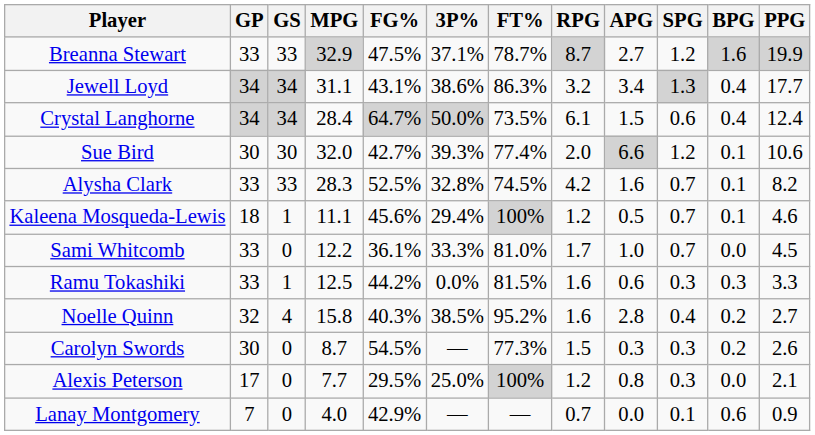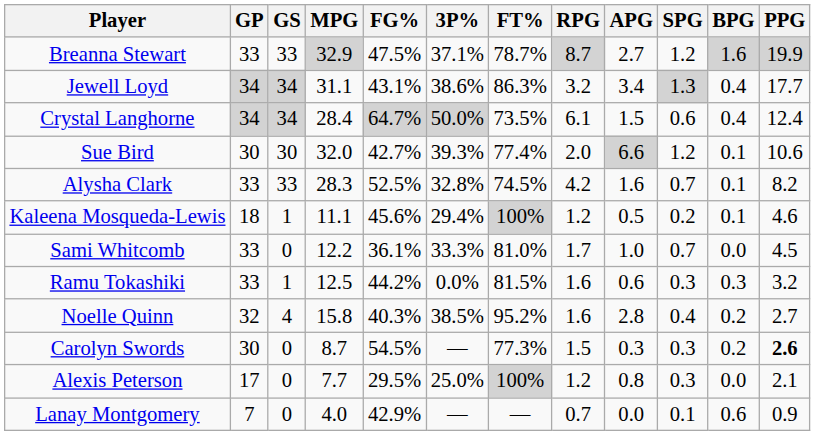 <table class="wikitable sortable" style="text-align:center;">
 <tr>
 <th>Player</th>
 <th>GP</th>
 <th>GS</th>
 <th>MPG</th>
 <th>FG%</th>
 <th>3P%</th>
 <th>FT%</th>
 <th>RPG</th>
 <th>APG</th>
 <th>SPG</th>
 <th>BPG</th>
 <th>PPG</th>
 </tr>
 <tr>
 <td><a href='#'>Breanna Stewart</a></td>
 <td>33</td>
 <td>33</td>
 <td style="background:#D3D3D3;">32.9</td>
 <td>47.5%</td>
 <td>37.1%</td>
 <td>78.7%</td>
 <td style="background:#D3D3D3;">8.7</td>
 <td>2.7</td>
 <td>1.2</td>
 <td style="background:#D3D3D3;">1.6</td>
 <td style="background:#D3D3D3;">19.9</td>
 </tr>
 <tr>
 <td><a href='#'>Jewell Loyd</a></td>
 <td style="background:#D3D3D3;">34</td>
 <td style="background:#D3D3D3;">34</td>
 <td>31.1</td>
 <td>43.1%</td>
 <td>38.6%</td>
 <td>86.3%</td>
 <td>3.2</td>
 <td>3.4</td>
 <td style="background:#D3D3D3;">1.3</td>
 <td>0.4</td>
 <td>17.7</td>
 </tr>
 <tr>
 <td><a href='#'>Crystal Langhorne</a></td>
 <td style="background:#D3D3D3;">34</td>
 <td style="background:#D3D3D3;">34</td>
 <td>28.4</td>
 <td style="background:#D3D3D3;">64.7%</td>
 <td style="background:#D3D3D3;">50.0%</td>
 <td>73.5%</td>
 <td>6.1</td>
 <td>1.5</td>
 <td>0.6</td>
 <td>0.4</td>
 <td>12.4</td>
 </tr>
 <tr>
 <td><a href='#'>Sue Bird</a></td>
 <td>30</td>
 <td>30</td>
 <td>32.0</td>
 <td>42.7%</td>
 <td>39.3%</td>
 <td>77.4%</td>
 <td>2.0</td>
 <td style="background:#D3D3D3;">6.6</td>
 <td>1.2</td>
 <td>0.1</td>
 <td>10.6</td>
 </tr>
 <tr>
 <td><a href='#'>Alysha Clark</a></td>
 <td>33</td>
 <td>33</td>
 <td>28.3</td>
 <td>52.5%</td>
 <td>32.8%</td>
 <td>74.5%</td>
 <td>4.2</td>
 <td>1.6</td>
 <td>0.7</td>
 <td>0.1</td>
 <td>8.2</td>
 </tr>
 <tr>
 <td><a href='#'>Kaleena Mosqueda-Lewis</a></td>
 <td>18</td>
 <td>1</td>
 <td>11.1</td>
 <td>45.6%</td>
 <td>29.4%</td>
 <td style="background:#D3D3D3;">100%</td>
 <td>1.2</td>
 <td>0.5</td>
-<td>0.7</td>
+<td>0.2</td>
 <td>0.1</td>
 <td>4.6</td>
 </tr>
 <tr>
 <td><a href='#'>Sami Whitcomb</a></td>
 <td>33</td>
 <td>0</td>
 <td>12.2</td>
 <td>36.1%</td>
 <td>33.3%</td>
 <td>81.0%</td>
 <td>1.7</td>
 <td>1.0</td>
 <td>0.7</td>
 <td>0.0</td>
 <td>4.5</td>
 </tr>
 <tr>
 <td><a href='#'>Ramu Tokashiki</a></td>
 <td>33</td>
 <td>1</td>
 <td>12.5</td>
 <td>44.2%</td>
 <td>0.0%</td>
 <td>81.5%</td>
 <td>1.6</td>
 <td>0.6</td>
 <td>0.3</td>
 <td>0.3</td>
-<td>3.3</td>
+<td>3.2</td>
 </tr>
 <tr>
 <td><a href='#'>Noelle Quinn</a></td>
 <td>32</td>
 <td>4</td>
 <td>15.8</td>
 <td>40.3%</td>
 <td>38.5%</td>
 <td>95.2%</td>
 <td>1.6</td>
 <td>2.8</td>
 <td>0.4</td>
 <td>0.2</td>
 <td>2.7</td>
 </tr>
 <tr>
 <td><a href='#'>Carolyn Swords</a></td>
 <td>30</td>
 <td>0</td>
 <td>8.7</td>
 <td>54.5%</td>
 <td>—</td>
 <td>77.3%</td>
 <td>1.5</td>
 <td>0.3</td>
 <td>0.3</td>
 <td>0.2</td>
-<td>2.6</td>
+<td><strong>2.6</strong></td>
 </tr>
 <tr>
 <td><a href='#'>Alexis Peterson</a></td>
 <td>17</td>
 <td>0</td>
 <td>7.7</td>
 <td>29.5%</td>
 <td>25.0%</td>
 <td style="background:#D3D3D3;">100%</td>
 <td>1.2</td>
 <td>0.8</td>
 <td>0.3</td>
 <td>0.0</td>
 <td>2.1</td>
 </tr>
 <tr>
 <td><a href='#'>Lanay Montgomery</a></td>
 <td>7</td>
 <td>0</td>
 <td>4.0</td>
 <td>42.9%</td>
 <td>—</td>
 <td>—</td>
 <td>0.7</td>
 <td>0.0</td>
 <td>0.1</td>
 <td>0.6</td>
 <td>0.9</td>
 </tr>
 </table>
